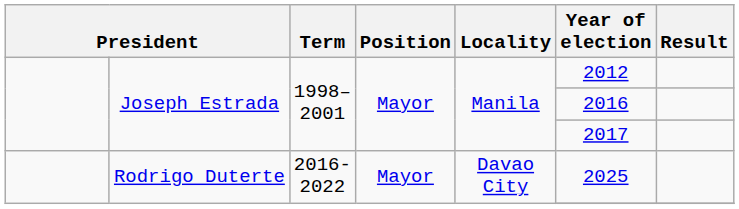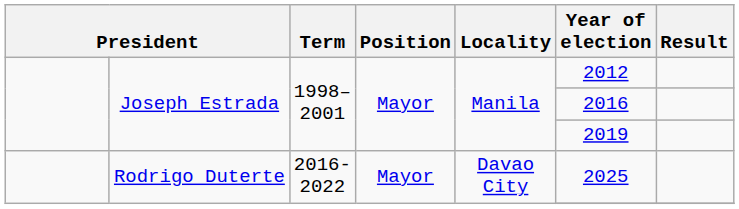 <table class="wikitable" style="margin-left: auto; margin-right: auto; text-align:center;" width=80%>
 <tr valign=bottom>
 <th colspan=2>President</th>
 <th>Term</th>
 <th>Position</th>
 <th>Locality</th>
 <th>Year of election</th>
 <th>Result</th>
 </tr>
 <tr align="center">
 <td width=100px rowspan=3></td>
 <td nowrap rowspan=3><a href='#'>Joseph Estrada</a></td>
 <td rowspan=3>1998–2001</td>
 <td rowspan=3><a href='#'>Mayor</a></td>
 <td rowspan=3><a href='#'>Manila</a></td>
 <td><a href='#'>2012</a></td>
 <td></td>
 </tr>
 <tr align="center">
 <td><a href='#'>2016</a></td>
 <td></td>
 </tr>
 <tr align="center">
-<td><a href='#'>2017</a></td>
+<td><a href='#'>2019</a></td>
 <td></td>
 </tr>
 <tr align=“center”>
 <td width=100px rowspan=3></td>
 <td nowrap rowspan=3><a href='#'>Rodrigo Duterte</a></td>
 <td rowspan=3>2016-2022</td>
 <td rowspan=3><a href='#'>Mayor</a></td>
 <td rowspan=3><a href='#'>Davao City</a></td>
 <td><a href='#'>2025</a></td>
 <td></td>
 </tr>
 <tr align="center">
 </tr>
 </table>
